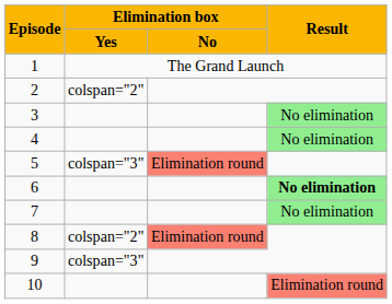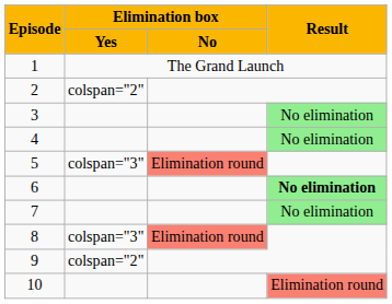 <table class="wikitable" style="text-align:center;">
 <tr>
 <th scope="col" rowspan=2 style="background:#FBB700">Episode</th>
 <th scope="col" colspan=2 style="background:#FBB700">Elimination box</th>
 <th scope="col" rowspan=2 style="background:#FBB700">Result</th>
 </tr>
 <tr>
 <th scope="col" style="background:#FBB700">Yes</th>
 <th scope="col" style="background:#FBB700">No</th>
 </tr>
 <tr>
 <td>1</td>
 <td colspan="3">The Grand Launch</td>
 </tr>
 <tr>
 <td>2</td>
 <td>colspan="2" </td>
 </tr>
 <tr>
 <td>3</td>
 <td></td>
 <td></td>
 <td style="background:lightgreen;">No elimination</td>
 </tr>
 <tr>
 <td>4</td>
 <td></td>
 <td></td>
 <td style="background:lightgreen;">No elimination</td>
 </tr>
 <tr>
 <td>5</td>
 <td>colspan="3" </td>
 <td style="background:salmon;">Elimination round</td>
 </tr>
 <tr>
 <td>6</td>
 <td></td>
 <td></td>
 <td style="background:lightgreen;"><strong>No elimination</strong></td>
 </tr>
 <tr>
 <td>7</td>
 <td></td>
 <td></td>
 <td style="background:lightgreen;">No elimination</td>
 </tr>
 <tr>
 <td>8</td>
-<td>colspan="2" </td>
+<td>colspan="3" </td>
 <td style="background:salmon;">Elimination round</td>
 </tr>
 <tr>
 <td>9</td>
-<td>colspan="3" </td>
+<td>colspan="2" </td>
 </tr>
 <tr>
 <td>10</td>
 <td></td>
 <td></td>
 <td style="background:salmon;">Elimination round</td>
 </tr>
 </table>
